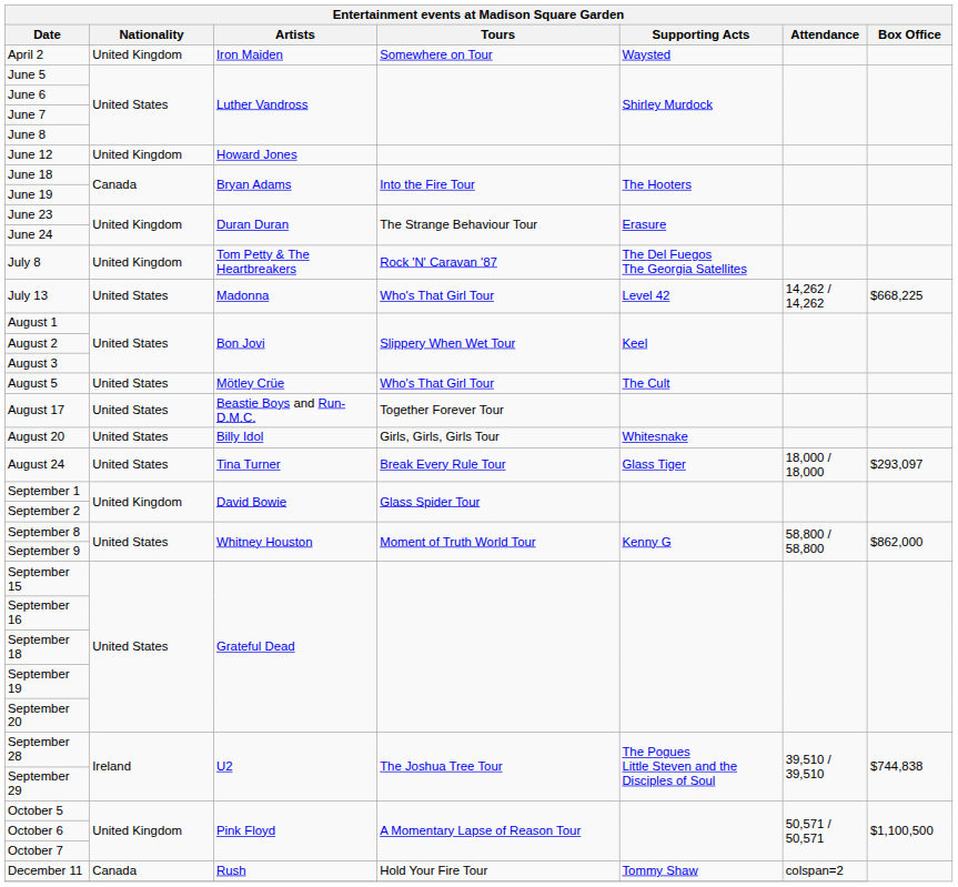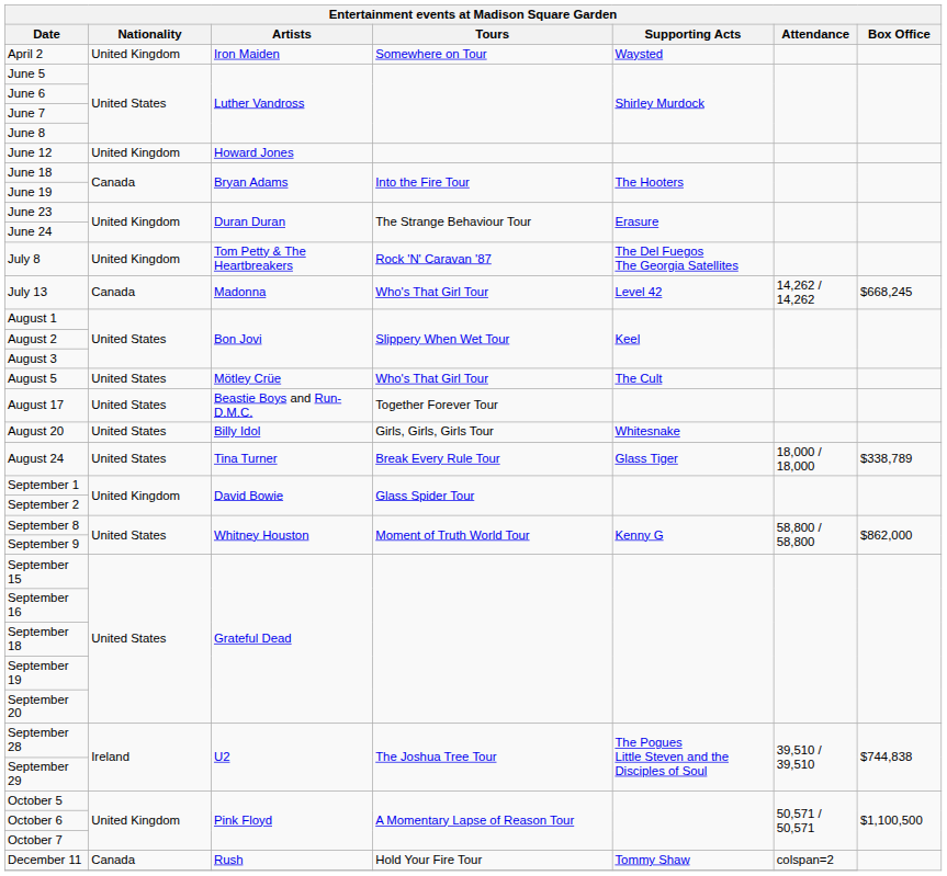 <table class="wikitable">
 <tr>
 <th colspan="7">Entertainment events at Madison Square Garden</th>
 </tr>
 <tr>
 <th width=100>Date</th>
 <th width=150>Nationality</th>
 <th width=200>Artists</th>
 <th width=300>Tours</th>
 <th width=200>Supporting Acts</th>
 <th width=100>Attendance</th>
 <th width=100>Box Office</th>
 </tr>
 <tr>
 <td>April 2</td>
 <td>United Kingdom</td>
 <td><a href='#'>Iron Maiden</a></td>
 <td><a href='#'>Somewhere on Tour</a></td>
 <td><a href='#'>Waysted</a></td>
 <td></td>
 <td></td>
 </tr>
 <tr>
 <td>June 5</td>
 <td rowspan=4>United States</td>
 <td rowspan=4><a href='#'>Luther Vandross</a></td>
 <td rowspan=4></td>
 <td rowspan=4><a href='#'>Shirley Murdock</a></td>
 <td rowspan=4></td>
 <td rowspan=4></td>
 </tr>
 <tr>
 <td>June 6</td>
 </tr>
 <tr>
 <td>June 7</td>
 </tr>
 <tr>
 <td>June 8</td>
 </tr>
 <tr>
 <td>June 12</td>
 <td>United Kingdom</td>
 <td><a href='#'>Howard Jones</a></td>
 <td></td>
 <td></td>
 <td></td>
 <td></td>
 </tr>
 <tr>
 <td>June 18</td>
 <td rowspan=2>Canada</td>
 <td rowspan=2><a href='#'>Bryan Adams</a></td>
 <td rowspan=2><a href='#'>Into the Fire Tour</a></td>
 <td rowspan=2><a href='#'>The Hooters</a></td>
 <td rowspan=2></td>
 <td rowspan=2></td>
 </tr>
 <tr>
 <td>June 19</td>
 </tr>
 <tr>
 <td>June 23</td>
 <td rowspan=2>United Kingdom</td>
 <td rowspan=2><a href='#'>Duran Duran</a></td>
 <td rowspan=2>The Strange Behaviour Tour</td>
 <td rowspan=2><a href='#'>Erasure</a></td>
 <td rowspan=2></td>
 <td rowspan=2></td>
 </tr>
 <tr>
 <td>June 24</td>
 </tr>
 <tr>
 <td>July 8</td>
 <td>United Kingdom</td>
 <td><a href='#'>Tom Petty & The Heartbreakers</a></td>
 <td><a href='#'>Rock 'N' Caravan '87</a></td>
 <td><a href='#'>The Del Fuegos</a><br><a href='#'>The Georgia Satellites</a></td>
 <td></td>
 <td></td>
 </tr>
 <tr>
 <td>July 13</td>
-<td>United States</td>
+<td>Canada</td>
 <td><a href='#'>Madonna</a></td>
 <td><a href='#'>Who's That Girl Tour</a></td>
 <td><a href='#'>Level 42</a></td>
 <td>14,262 / 14,262</td>
-<td>$668,225</td>
+<td>$668,245</td>
 </tr>
 <tr>
 <td>August 1</td>
 <td rowspan=3>United States</td>
 <td rowspan=3><a href='#'>Bon Jovi</a></td>
 <td rowspan=3><a href='#'>Slippery When Wet Tour</a></td>
 <td rowspan=3><a href='#'>Keel</a></td>
 <td rowspan=3></td>
 <td rowspan=3></td>
 </tr>
 <tr>
 <td>August 2</td>
 </tr>
 <tr>
 <td>August 3</td>
 </tr>
 <tr>
 <td>August 5</td>
 <td>United States</td>
 <td><a href='#'>Mötley Crüe</a></td>
 <td><a href='#'>Who's That Girl Tour</a></td>
 <td><a href='#'>The Cult</a></td>
 <td></td>
 <td></td>
 </tr>
 <tr>
 <td>August 17</td>
 <td>United States</td>
 <td><a href='#'>Beastie Boys</a> and <a href='#'>Run-D.M.C.</a></td>
 <td>Together Forever Tour</td>
 <td></td>
 <td></td>
 <td></td>
 </tr>
 <tr>
 <td>August 20</td>
 <td>United States</td>
 <td><a href='#'>Billy Idol</a></td>
 <td>Girls, Girls, Girls Tour</td>
 <td><a href='#'>Whitesnake</a></td>
 <td></td>
 <td></td>
 </tr>
 <tr>
 <td>August 24</td>
 <td>United States</td>
 <td><a href='#'>Tina Turner</a></td>
 <td><a href='#'>Break Every Rule Tour</a></td>
 <td><a href='#'>Glass Tiger</a></td>
 <td>18,000 / 18,000</td>
-<td>$293,097</td>
+<td>$338,789</td>
 </tr>
 <tr>
 <td>September 1</td>
 <td rowspan=2>United Kingdom</td>
 <td rowspan=2><a href='#'>David Bowie</a></td>
 <td rowspan=2><a href='#'>Glass Spider Tour</a></td>
 <td rowspan=2></td>
 <td rowspan=2></td>
 <td rowspan=2></td>
 </tr>
 <tr>
 <td>September 2</td>
 </tr>
 <tr>
 <td>September 8</td>
 <td rowspan=2>United States</td>
 <td rowspan=2><a href='#'>Whitney Houston</a></td>
 <td rowspan=2><a href='#'>Moment of Truth World Tour</a></td>
 <td rowspan=2><a href='#'>Kenny G</a></td>
 <td rowspan=2>58,800 / 58,800</td>
 <td rowspan=2>$862,000</td>
 </tr>
 <tr>
 <td>September 9</td>
 </tr>
 <tr>
 <td>September 15</td>
 <td rowspan=5>United States</td>
 <td rowspan=5><a href='#'>Grateful Dead</a></td>
 <td rowspan=5></td>
 <td rowspan=5></td>
 <td rowspan=5></td>
 <td rowspan=5></td>
 </tr>
 <tr>
 <td>September 16</td>
 </tr>
 <tr>
 <td>September 18</td>
 </tr>
 <tr>
 <td>September 19</td>
 </tr>
 <tr>
 <td>September 20</td>
 </tr>
 <tr>
 <td>September 28</td>
 <td rowspan=2>Ireland</td>
 <td rowspan=2><a href='#'>U2</a></td>
 <td rowspan=2><a href='#'>The Joshua Tree Tour</a></td>
 <td rowspan=2><a href='#'>The Pogues</a><br><a href='#'>Little Steven and the Disciples of Soul</a></td>
 <td rowspan=2>39,510 / 39,510</td>
 <td rowspan=2>$744,838</td>
 </tr>
 <tr>
 <td>September 29</td>
 </tr>
 <tr>
 <td>October 5</td>
 <td rowspan=3>United Kingdom</td>
 <td rowspan=3><a href='#'>Pink Floyd</a></td>
 <td rowspan=3><a href='#'>A Momentary Lapse of Reason Tour</a></td>
 <td rowspan=3></td>
 <td rowspan=3>50,571 / 50,571</td>
 <td rowspan=3>$1,100,500</td>
 </tr>
 <tr>
 <td>October 6</td>
 </tr>
 <tr>
 <td>October 7</td>
 </tr>
 <tr>
 <td>December 11</td>
 <td>Canada</td>
 <td><a href='#'>Rush</a></td>
 <td>Hold Your Fire Tour</td>
 <td><a href='#'>Tommy Shaw</a></td>
 <td>colspan=2 </td>
 </tr>
 <tr>
 </tr>
 </table>
